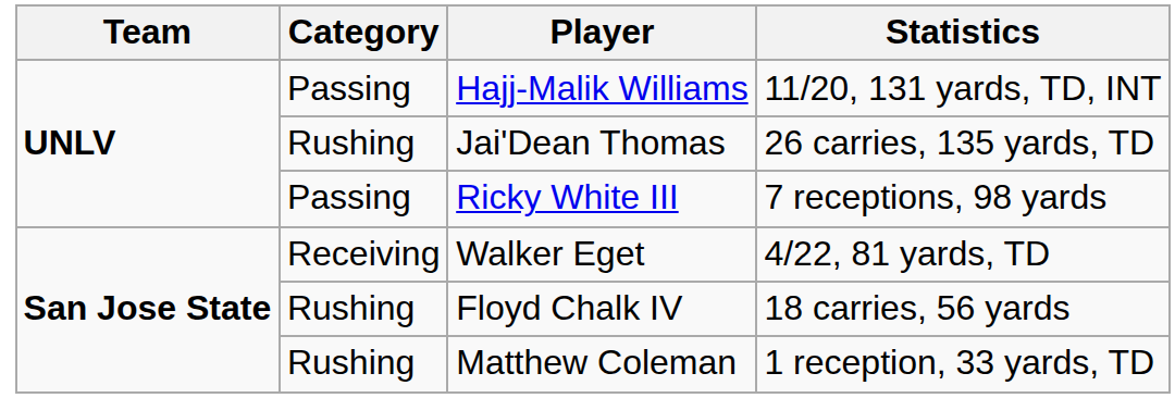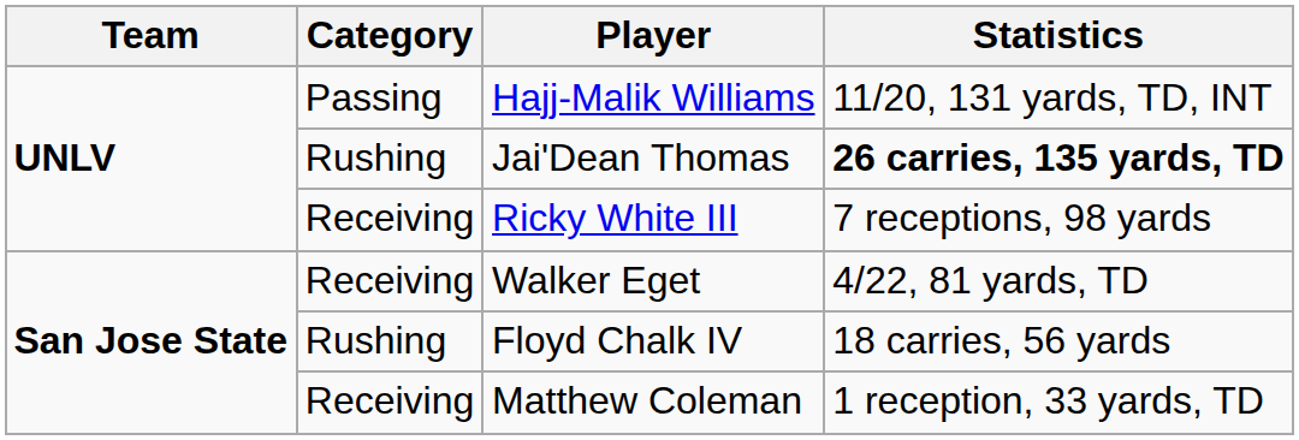 <table class="wikitable" style="float: right;">
 <tr>
 <th>Team</th>
 <th>Category</th>
 <th>Player</th>
 <th>Statistics</th>
 </tr>
 <tr>
 <td rowspan=3><strong>UNLV</strong></td>
 <td>Passing</td>
 <td><a href='#'>Hajj-Malik Williams</a></td>
 <td>11/20, 131 yards, TD, INT</td>
 </tr>
 <tr>
 <td>Rushing</td>
 <td>Jai'Dean Thomas</td>
-<td>26 carries, 135 yards, TD</td>
+<td><strong>26 carries, 135 yards, TD</strong></td>
 </tr>
 <tr>
-<td>Passing</td>
+<td>Receiving</td>
 <td><a href='#'>Ricky White III</a></td>
 <td>7 receptions, 98 yards</td>
 </tr>
 <tr>
 <td rowspan=3><strong>San Jose State</strong></td>
 <td>Receiving</td>
 <td>Walker Eget</td>
 <td>4/22, 81 yards, TD</td>
 </tr>
 <tr>
 <td>Rushing</td>
 <td>Floyd Chalk IV</td>
 <td>18 carries, 56 yards</td>
 </tr>
 <tr>
-<td>Rushing</td>
+<td>Receiving</td>
 <td>Matthew Coleman</td>
 <td>1 reception, 33 yards, TD</td>
 </tr>
 </table>
